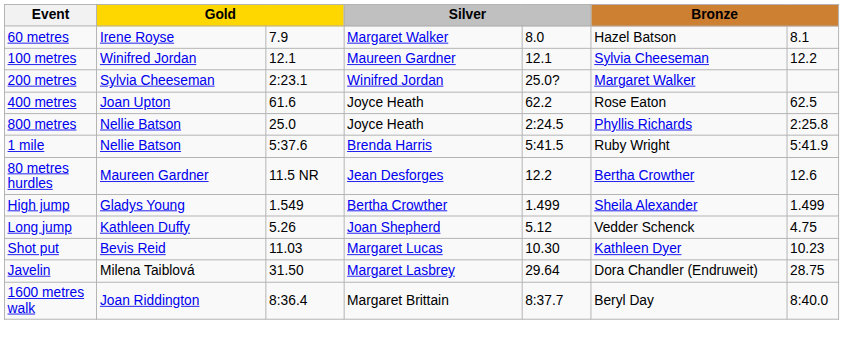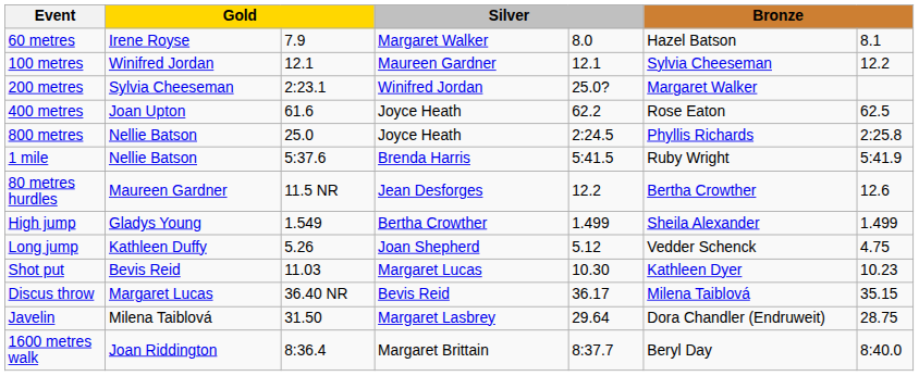 <table class="wikitable" style="text-align:left">
 <tr>
 <th width=100>Event</th>
 <th colspan="2" width="280" style="background:gold;">Gold</th>
 <th colspan="2" width="280" style="background:silver;">Silver</th>
 <th colspan="2" width="280" style="background:#CD7F32;">Bronze</th>
 </tr>
 <tr>
 <td><a href='#'>60 metres</a></td>
 <td><a href='#'>Irene Royse</a></td>
 <td>7.9</td>
 <td><a href='#'>Margaret Walker</a></td>
 <td>8.0</td>
 <td>Hazel Batson</td>
 <td>8.1</td>
 </tr>
 <tr>
 <td><a href='#'>100 metres</a></td>
 <td><a href='#'>Winifred Jordan</a></td>
 <td>12.1</td>
 <td><a href='#'>Maureen Gardner</a></td>
 <td>12.1</td>
 <td><a href='#'>Sylvia Cheeseman</a></td>
 <td>12.2</td>
 </tr>
 <tr>
 <td><a href='#'>200 metres</a></td>
 <td><a href='#'>Sylvia Cheeseman</a></td>
 <td>2:23.1</td>
 <td><a href='#'>Winifred Jordan</a></td>
 <td>25.0?</td>
 <td><a href='#'>Margaret Walker</a></td>
 <td></td>
 </tr>
 <tr>
 <td><a href='#'>400 metres</a></td>
 <td><a href='#'>Joan Upton</a></td>
 <td>61.6</td>
 <td>Joyce Heath</td>
 <td>62.2</td>
 <td>Rose Eaton</td>
 <td>62.5</td>
 </tr>
 <tr>
 <td><a href='#'>800 metres</a></td>
 <td><a href='#'>Nellie Batson</a></td>
 <td>25.0</td>
 <td>Joyce Heath</td>
 <td>2:24.5</td>
 <td><a href='#'>Phyllis Richards</a></td>
 <td>2:25.8</td>
 </tr>
 <tr>
 <td><a href='#'>1 mile</a></td>
 <td><a href='#'>Nellie Batson</a></td>
 <td>5:37.6</td>
 <td><a href='#'>Brenda Harris</a></td>
 <td>5:41.5</td>
 <td>Ruby Wright</td>
 <td>5:41.9</td>
 </tr>
 <tr>
 <td><a href='#'>80 metres hurdles</a></td>
 <td><a href='#'>Maureen Gardner</a></td>
 <td>11.5 NR</td>
 <td><a href='#'>Jean Desforges</a></td>
 <td>12.2</td>
 <td><a href='#'>Bertha Crowther</a></td>
 <td>12.6</td>
 </tr>
 <tr>
 <td><a href='#'>High jump</a></td>
 <td><a href='#'>Gladys Young</a></td>
 <td>1.549</td>
 <td><a href='#'>Bertha Crowther</a></td>
 <td>1.499</td>
 <td><a href='#'>Sheila Alexander</a></td>
 <td>1.499</td>
 </tr>
 <tr>
 <td><a href='#'>Long jump</a></td>
 <td><a href='#'>Kathleen Duffy</a></td>
 <td>5.26</td>
 <td><a href='#'>Joan Shepherd</a></td>
 <td>5.12</td>
 <td>Vedder Schenck</td>
 <td>4.75</td>
 </tr>
 <tr>
 <td><a href='#'>Shot put</a></td>
 <td><a href='#'>Bevis Reid</a></td>
 <td>11.03</td>
 <td><a href='#'>Margaret Lucas</a></td>
 <td>10.30</td>
 <td><a href='#'>Kathleen Dyer</a></td>
 <td>10.23</td>
 </tr>
 <tr>
+<td><a href='#'>Discus throw</a></td>
+<td><a href='#'>Margaret Lucas</a></td>
+<td>36.40 NR</td>
+<td><a href='#'>Bevis Reid</a></td>
+<td>36.17</td>
+<td> <a href='#'>Milena Taiblová</a></td>
+<td>35.15</td>
+</tr>
+<tr>
 <td><a href='#'>Javelin</a></td>
 <td> Milena Taiblová</td>
 <td>31.50</td>
 <td> <a href='#'>Margaret Lasbrey</a></td>
 <td>29.64</td>
 <td>Dora Chandler (Endruweit)</td>
 <td>28.75</td>
 </tr>
 <tr>
 <td><a href='#'>1600 metres walk</a></td>
 <td><a href='#'>Joan Riddington</a></td>
 <td>8:36.4</td>
 <td>Margaret Brittain</td>
 <td>8:37.7</td>
 <td>Beryl Day</td>
 <td>8:40.0</td>
 </tr>
 </table>
